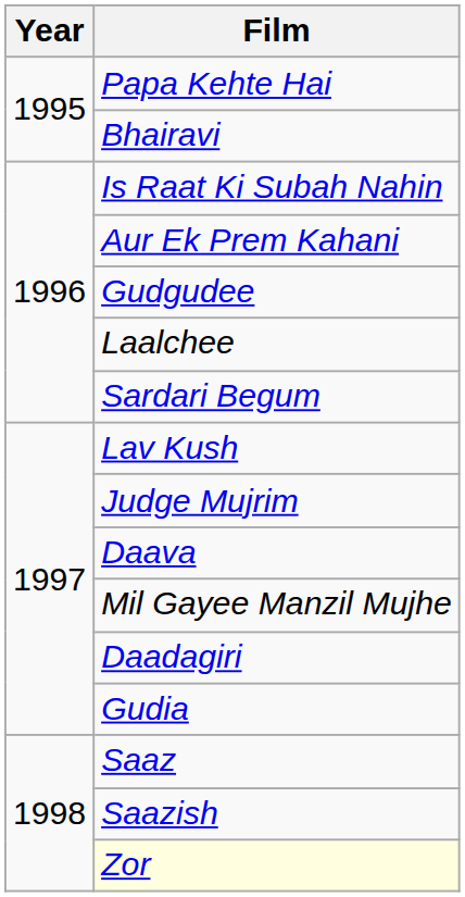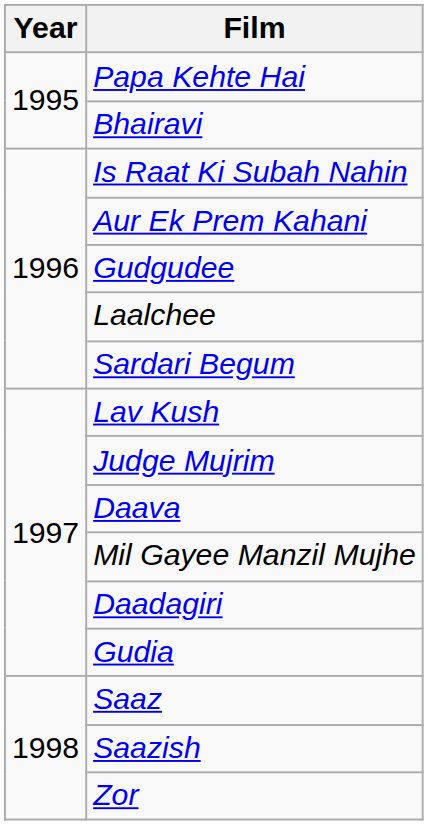 <table class="wikitable sortable">
 <tr>
 <th>Year</th>
 <th>Film</th>
 </tr>
 <tr>
 <td rowspan="2">1995</td>
 <td><em><a href='#'>Papa Kehte Hai</a></em></td>
 </tr>
 <tr>
 <td><em><a href='#'>Bhairavi</a></em></td>
 </tr>
 <tr>
 <td rowspan="5">1996</td>
 <td><em><a href='#'>Is Raat Ki Subah Nahin</a></em></td>
 </tr>
 <tr>
 <td><em><a href='#'>Aur Ek Prem Kahani</a></em></td>
 </tr>
 <tr>
 <td><em><a href='#'>Gudgudee</a></em></td>
 </tr>
 <tr>
 <td><em>Laalchee</em></td>
 </tr>
 <tr>
 <td><em><a href='#'>Sardari Begum</a></em></td>
 </tr>
 <tr>
 <td rowspan="6">1997</td>
 <td><em><a href='#'>Lav Kush</a></em></td>
 </tr>
 <tr>
 <td><em><a href='#'>Judge Mujrim</a></em></td>
 </tr>
 <tr>
 <td><em><a href='#'>Daava</a></em></td>
 </tr>
 <tr>
 <td><em>Mil Gayee Manzil Mujhe</em></td>
 </tr>
 <tr>
 <td><em><a href='#'>Daadagiri</a></em></td>
 </tr>
 <tr>
 <td><em><a href='#'>Gudia</a></em></td>
 </tr>
 <tr>
 <td rowspan="3">1998</td>
 <td><em><a href='#'>Saaz</a></em></td>
 </tr>
 <tr>
 <td><em><a href='#'>Saazish</a></em></td>
 </tr>
 <tr>
-<td style="background: lightyellow;"><em><a href='#'>Zor</a></em></td>
+<td><em><a href='#'>Zor</a></em></td>
 </tr>
 </table>
